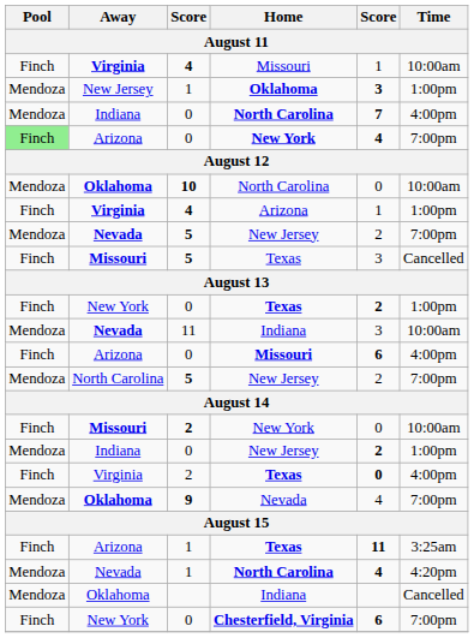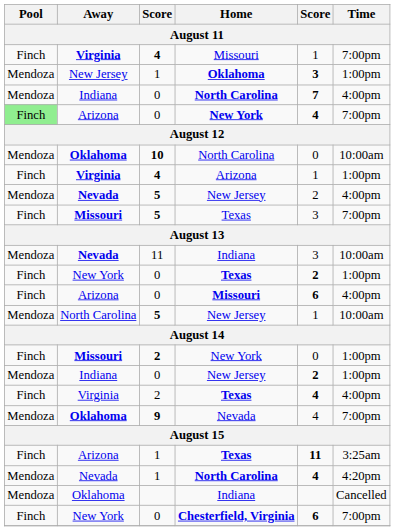 <table class="wikitable">
 <tr>
 <th>Pool</th>
 <th>Away</th>
 <th>Score</th>
 <th>Home</th>
 <th>Score</th>
 <th>Time</th>
 </tr>
 <tr>
 <th colspan="6">August 11</th>
 </tr>
 <tr>
 <td align=center>Finch</td>
 <td align=center> <strong><a href='#'>Virginia</a></strong></td>
 <td align=center><strong>4</strong></td>
 <td align=center> <a href='#'>Missouri</a></td>
 <td align=center>1</td>
-<td align=center>10:00am</td>
+<td align=center>7:00pm</td>
 </tr>
 <tr>
 <td align=center>Mendoza</td>
 <td align=center> <a href='#'>New Jersey</a></td>
 <td align=center>1</td>
 <td align=center> <strong><a href='#'>Oklahoma</a></strong></td>
 <td align=center><strong>3</strong></td>
 <td align=center>1:00pm</td>
 </tr>
 <tr>
 <td align=center>Mendoza</td>
 <td align=center> <a href='#'>Indiana</a></td>
 <td align=center>0</td>
 <td align=center> <strong><a href='#'>North Carolina</a></strong></td>
 <td align=center><strong>7</strong></td>
 <td align=center>4:00pm</td>
 </tr>
 <tr>
 <td align=center style="background: lightgreen;">Finch</td>
 <td align=center> <a href='#'>Arizona</a></td>
 <td align=center>0</td>
 <td align=center> <strong><a href='#'> New York</a></strong></td>
 <td align=center><strong>4</strong></td>
 <td align=center>7:00pm</td>
 </tr>
 <tr>
 <th colspan="6">August 12</th>
 </tr>
 <tr>
 <td align=center>Mendoza</td>
 <td align=center> <strong><a href='#'>Oklahoma</a></strong></td>
 <td align=center><strong>10</strong></td>
 <td align=center> <a href='#'>North Carolina</a></td>
 <td align=center>0</td>
 <td align=center>10:00am</td>
 </tr>
 <tr>
 <td align=center>Finch</td>
 <td align=center> <strong><a href='#'>Virginia</a></strong></td>
 <td align=center><strong>4</strong></td>
 <td align=center> <a href='#'>Arizona</a></td>
 <td align=center>1</td>
 <td align=center>1:00pm</td>
 </tr>
 <tr>
 <td align=center>Mendoza</td>
 <td align=center> <strong><a href='#'>Nevada</a></strong></td>
 <td align=center><strong>5</strong></td>
 <td align=center> <a href='#'>New Jersey</a></td>
 <td align=center>2</td>
-<td align=center>7:00pm</td>
+<td align=center>4:00pm</td>
 </tr>
 <tr>
 <td align=center>Finch</td>
 <td align=center> <strong><a href='#'>Missouri</a></strong></td>
 <td align=center><strong>5</strong></td>
 <td align=center> <a href='#'>Texas</a></td>
 <td align=center>3</td>
-<td align=center>Cancelled</td>
+<td align=center>7:00pm</td>
 </tr>
 <tr>
 <th colspan="6">August 13</th>
+</tr>
+<tr>
+<td align=center>Mendoza</td>
+<td align=center> <strong><a href='#'>Nevada</a></strong></td>
+<td align=center>11</td>
+<td align=center> <a href='#'>Indiana</a></td>
+<td align=center>3</td>
+<td align=center>10:00am</td>
 </tr>
 <tr>
 <td align=center>Finch</td>
 <td align=center> <a href='#'> New York</a></td>
 <td align=center>0</td>
 <td align=center> <strong><a href='#'>Texas</a></strong></td>
 <td align=center><strong>2</strong></td>
 <td align=center>1:00pm</td>
-</tr>
-<tr>
-<td align=center>Mendoza</td>
-<td align=center> <strong><a href='#'>Nevada</a></strong></td>
-<td align=center>11</td>
-<td align=center> <a href='#'>Indiana</a></td>
-<td align=center>3</td>
-<td align=center>10:00am</td>
 </tr>
 <tr>
 <td align=center>Finch</td>
 <td align=center> <a href='#'>Arizona</a></td>
 <td align=center>0</td>
 <td align=center> <strong><a href='#'>Missouri</a></strong></td>
 <td align=center><strong>6</strong></td>
 <td align=center>4:00pm</td>
 </tr>
 <tr>
 <td align=center>Mendoza</td>
 <td align=center> <a href='#'>North Carolina</a></td>
 <td align=center><strong>5</strong></td>
 <td align=center> <a href='#'>New Jersey</a></td>
-<td align=center>2</td>
-<td align=center>7:00pm</td>
+<td align=center>1</td>
+<td align=center>10:00am</td>
 </tr>
 <tr>
 <th colspan="6">August 14</th>
 </tr>
 <tr>
 <td align=center>Finch</td>
 <td align=center> <strong><a href='#'>Missouri</a></strong></td>
 <td align=center><strong>2</strong></td>
 <td align=center> <a href='#'> New York</a></td>
 <td align=center>0</td>
-<td align=center>10:00am</td>
+<td align=center>1:00pm</td>
 </tr>
 <tr>
 <td align=center>Mendoza</td>
 <td align=center> <a href='#'>Indiana</a></td>
 <td align=center>0</td>
 <td align=center> <a href='#'>New Jersey</a></td>
 <td align=center><strong>2</strong></td>
 <td align=center>1:00pm</td>
 </tr>
 <tr>
 <td align=center>Finch</td>
 <td align=center> <a href='#'>Virginia</a></td>
 <td align=center>2</td>
 <td align=center> <strong><a href='#'>Texas</a></strong></td>
-<td align=center><strong>0</strong></td>
+<td align=center><strong>4</strong></td>
 <td align=center>4:00pm</td>
 </tr>
 <tr>
 <td align=center>Mendoza</td>
 <td align=center> <strong><a href='#'>Oklahoma</a></strong></td>
 <td align=center><strong>9</strong></td>
 <td align=center> <a href='#'>Nevada</a></td>
 <td align=center>4</td>
 <td align=center>7:00pm</td>
 </tr>
 <tr>
 <th colspan="6">August 15</th>
 </tr>
 <tr>
 <td align=center>Finch</td>
 <td align=center> <a href='#'>Arizona</a></td>
 <td align=center>1</td>
 <td align=center> <strong><a href='#'>Texas</a></strong></td>
 <td align=center><strong>11</strong></td>
 <td align=center>3:25am</td>
 </tr>
 <tr>
 <td align=center>Mendoza</td>
 <td align=center> <a href='#'>Nevada</a></td>
 <td align=center>1</td>
 <td align=center> <strong><a href='#'>North Carolina</a></strong></td>
 <td align=center><strong>4</strong></td>
 <td align=center>4:20pm</td>
 </tr>
 <tr>
 <td align=center>Mendoza</td>
 <td align=center> <a href='#'>Oklahoma</a></td>
 <td align=center></td>
 <td align=center> <a href='#'>Indiana</a></td>
 <td align=center></td>
 <td align=center>Cancelled</td>
 </tr>
 <tr>
 <td align=center>Finch</td>
 <td align=center> <a href='#'> New York</a></td>
 <td align=center>0</td>
 <td align=center> <strong><a href='#'>Chesterfield, Virginia</a></strong></td>
 <td align=center><strong>6</strong></td>
 <td align=center>7:00pm</td>
 </tr>
 <tr>
 </tr>
 </table>
